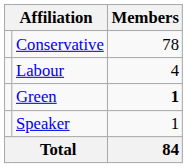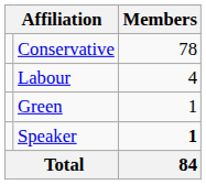 <table class="wikitable">
 <tr>
 <th colspan="2">Affiliation</th>
 <th>Members</th>
 </tr>
 <tr>
 <td style="color:inherit;background:"></td>
 <td><a href='#'>Conservative</a></td>
 <td style="text-align:right;">78</td>
 </tr>
 <tr>
 <td style="color:inherit;background:"></td>
 <td><a href='#'>Labour</a></td>
 <td style="text-align:right;">4</td>
 </tr>
 <tr>
 <td style="color:inherit;background:"></td>
 <td><a href='#'>Green</a></td>
-<td style="text-align:right;"><strong>1</strong></td>
+<td style="text-align:right;">1</td>
 </tr>
 <tr>
 <td style="color:inherit;background:"></td>
 <td><a href='#'>Speaker</a></td>
-<td style="text-align:right;">1</td>
+<td style="text-align:right;"><strong>1</strong></td>
 </tr>
 <tr>
 <th colspan="2"> Total</th>
 <th style="text-align:right;">84</th>
 </tr>
 </table>
